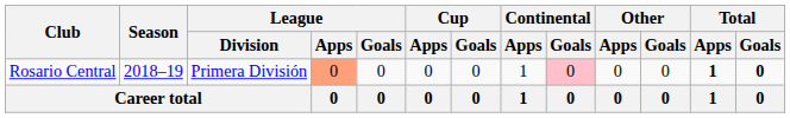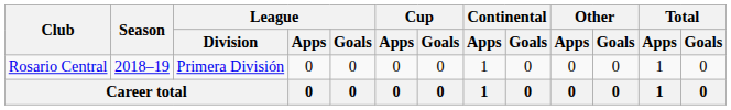 <table class="wikitable" style="text-align:center">
 <tr>
 <th rowspan="2">Club</th>
 <th rowspan="2">Season</th>
 <th colspan="3">League</th>
 <th colspan="2">Cup</th>
 <th colspan="2">Continental</th>
 <th colspan="2">Other</th>
 <th colspan="2">Total</th>
 </tr>
 <tr>
 <th>Division</th>
 <th>Apps</th>
 <th>Goals</th>
 <th>Apps</th>
 <th>Goals</th>
 <th>Apps</th>
 <th>Goals</th>
 <th>Apps</th>
 <th>Goals</th>
 <th>Apps</th>
 <th>Goals</th>
 </tr>
 <tr>
 <td rowspan="1"><a href='#'>Rosario Central</a></td>
 <td><a href='#'>2018–19</a></td>
 <td rowspan="1"><a href='#'>Primera División</a></td>
-<td style="background: lightsalmon;">0</td>
+<td>0</td>
 <td>0</td>
 <td>0</td>
 <td>0</td>
 <td>1</td>
-<td style="background: pink;">0</td>
 <td>0</td>
 <td>0</td>
-<td><strong>1</strong></td>
-<td><strong>0</strong></td>
+<td>0</td>
+<td>1</td>
+<td>0</td>
 </tr>
 <tr>
 <th colspan="3">Career total</th>
 <th>0</th>
 <th>0</th>
 <th>0</th>
 <th>0</th>
 <th>1</th>
 <th>0</th>
 <th>0</th>
 <th>0</th>
 <th>1</th>
 <th>0</th>
 </tr>
 </table>
